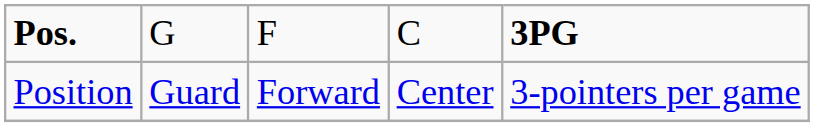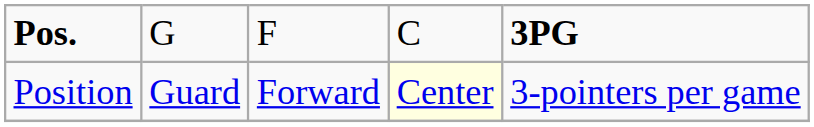 <table class="wikitable">
 <tr>
 <td><strong>Pos.</strong></td>
 <td>G</td>
 <td>F</td>
 <td>C</td>
 <td><strong>3PG</strong></td>
 </tr>
 <tr>
 <td><a href='#'>Position</a></td>
 <td><a href='#'>Guard</a></td>
 <td><a href='#'>Forward</a></td>
-<td><a href='#'>Center</a></td>
+<td style="background: lightyellow;"><a href='#'>Center</a></td>
 <td><a href='#'>3-pointers per game</a></td>
 </tr>
 <tr>
 </tr>
 </table>
